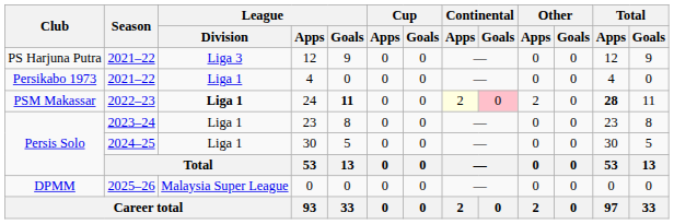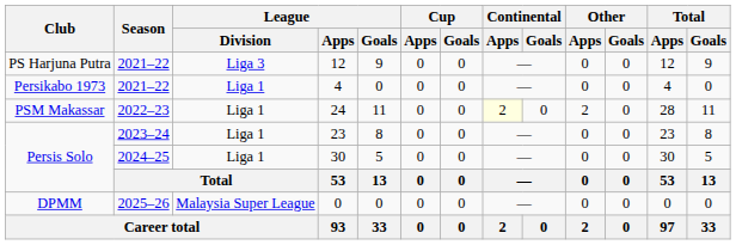 <table class="wikitable" style="text-align: center">
 <tr>
 <th rowspan="2">Club</th>
 <th rowspan="2">Season</th>
 <th colspan="3">League</th>
 <th colspan="2">Cup</th>
 <th colspan="2">Continental</th>
 <th colspan="2">Other</th>
 <th colspan="2">Total</th>
 </tr>
 <tr>
 <th>Division</th>
 <th>Apps</th>
 <th>Goals</th>
 <th>Apps</th>
 <th>Goals</th>
 <th>Apps</th>
 <th>Goals</th>
 <th>Apps</th>
 <th>Goals</th>
 <th>Apps</th>
 <th>Goals</th>
 </tr>
 <tr>
 <td rowspan="1">PS Harjuna Putra</td>
 <td><a href='#'>2021–22</a></td>
 <td rowspan="1" valign="center"><a href='#'>Liga 3</a></td>
 <td>12</td>
 <td>9</td>
 <td>0</td>
 <td>0</td>
 <td colspan="2">—</td>
 <td>0</td>
 <td>0</td>
 <td>12</td>
 <td>9</td>
 </tr>
 <tr>
 <td rowspan="1"><a href='#'>Persikabo 1973</a></td>
 <td><a href='#'>2021–22</a></td>
 <td rowspan="1" valign="center"><a href='#'>Liga 1</a></td>
 <td>4</td>
 <td>0</td>
 <td>0</td>
 <td>0</td>
 <td colspan="2">—</td>
 <td>0</td>
 <td>0</td>
 <td>4</td>
 <td>0</td>
 </tr>
 <tr>
 <td><a href='#'>PSM Makassar</a></td>
 <td><a href='#'>2022–23</a></td>
-<td><strong>Liga 1</strong></td>
+<td>Liga 1</td>
 <td>24</td>
-<td><strong>11</strong></td>
+<td>11</td>
 <td>0</td>
 <td>0</td>
 <td style="background: lightyellow;">2</td>
-<td style="background: pink;">0</td>
+<td>0</td>
 <td>2</td>
 <td>0</td>
-<td><strong>28</strong></td>
+<td>28</td>
 <td>11</td>
 </tr>
 <tr>
 <td rowspan="3"><a href='#'>Persis Solo</a></td>
 <td><a href='#'>2023–24</a></td>
 <td>Liga 1</td>
 <td>23</td>
 <td>8</td>
 <td>0</td>
 <td>0</td>
 <td colspan="2">—</td>
 <td>0</td>
 <td>0</td>
 <td>23</td>
 <td>8</td>
 </tr>
 <tr>
 <td><a href='#'>2024–25</a></td>
 <td>Liga 1</td>
 <td>30</td>
 <td>5</td>
 <td>0</td>
 <td>0</td>
 <td colspan="2">—</td>
 <td>0</td>
 <td>0</td>
 <td>30</td>
 <td>5</td>
 </tr>
 <tr>
 <th colspan=2>Total</th>
 <th>53</th>
 <th>13</th>
 <th>0</th>
 <th>0</th>
 <th colspan="2">—</th>
 <th>0</th>
 <th>0</th>
 <th>53</th>
 <th>13</th>
 </tr>
 <tr>
 <td rowspan="1"><a href='#'>DPMM</a></td>
 <td><a href='#'>2025–26</a></td>
 <td><a href='#'>Malaysia Super League</a></td>
 <td>0</td>
 <td>0</td>
 <td>0</td>
 <td>0</td>
 <td colspan="2">—</td>
 <td>0</td>
 <td>0</td>
 <td>0</td>
 <td>0</td>
 </tr>
 <tr>
 <th colspan=3>Career total</th>
 <th>93</th>
 <th>33</th>
 <th>0</th>
 <th>0</th>
 <th>2</th>
 <th>0</th>
 <th>2</th>
 <th>0</th>
 <th>97</th>
 <th>33</th>
 </tr>
 </table>
